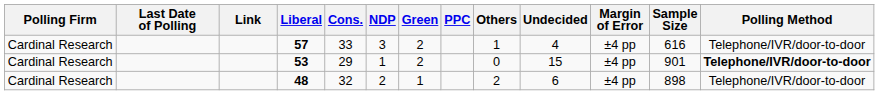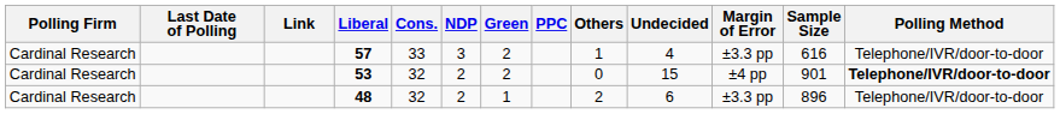 <table class="wikitable sortable" style="text-align:center;font-size:90%;line-height:14px;">
 <tr style="background:#e9e9e9;">
 <th style="width:120px">Polling Firm</th>
 <th style="width:110px">Last Date<br>of Polling</th>
 <th style="width:60px" class="unsortable">Link</th>
 <th style="background-color:"><a href='#'>Liberal</a></th>
 <th style="background-color:"><a href='#'>Cons.</a></th>
 <th style="background-color:"><a href='#'>NDP</a></th>
 <th style="background-color:"><a href='#'>Green</a></th>
 <th style="background-color:"><a href='#'><span>PPC</span></a></th>
 <th style="background-color:">Others</th>
 <th style="background-color:">Undecided</th>
 <th style="width:60px;" class=unsortable>Margin<br>of Error</th>
 <th style="width:50px;" class=unsortable>Sample<br>Size</th>
 <th class=unsortable>Polling Method</th>
 </tr>
 <tr>
 <td>Cardinal Research</td>
 <td></td>
 <td></td>
 <td><strong>57</strong></td>
 <td>33</td>
 <td>3</td>
 <td>2</td>
 <td></td>
 <td>1</td>
 <td>4</td>
-<td>±4 pp</td>
+<td>±3.3 pp</td>
 <td>616</td>
 <td>Telephone/IVR/door-to-door</td>
 </tr>
 <tr>
 <td>Cardinal Research</td>
 <td></td>
 <td></td>
 <td><strong>53</strong></td>
-<td>29</td>
-<td>1</td>
+<td>32</td>
+<td>2</td>
 <td>2</td>
 <td></td>
 <td>0</td>
 <td>15</td>
 <td>±4 pp</td>
 <td>901</td>
 <td><strong>Telephone/IVR/door-to-door</strong></td>
 </tr>
 <tr>
 <td>Cardinal Research</td>
 <td></td>
 <td></td>
 <td><strong>48</strong></td>
 <td>32</td>
 <td>2</td>
 <td>1</td>
 <td></td>
 <td>2</td>
 <td>6</td>
-<td>±4 pp</td>
-<td>898</td>
+<td>±3.3 pp</td>
+<td>896</td>
 <td>Telephone/IVR/door-to-door</td>
 </tr>
 </table>
